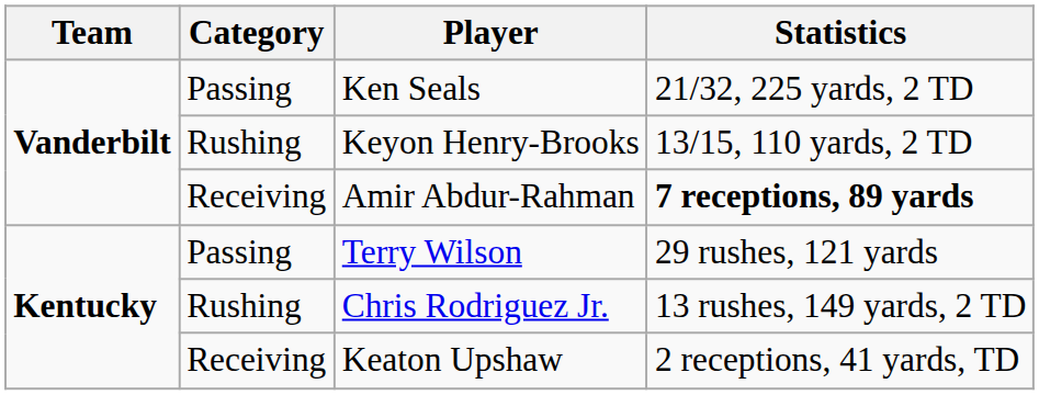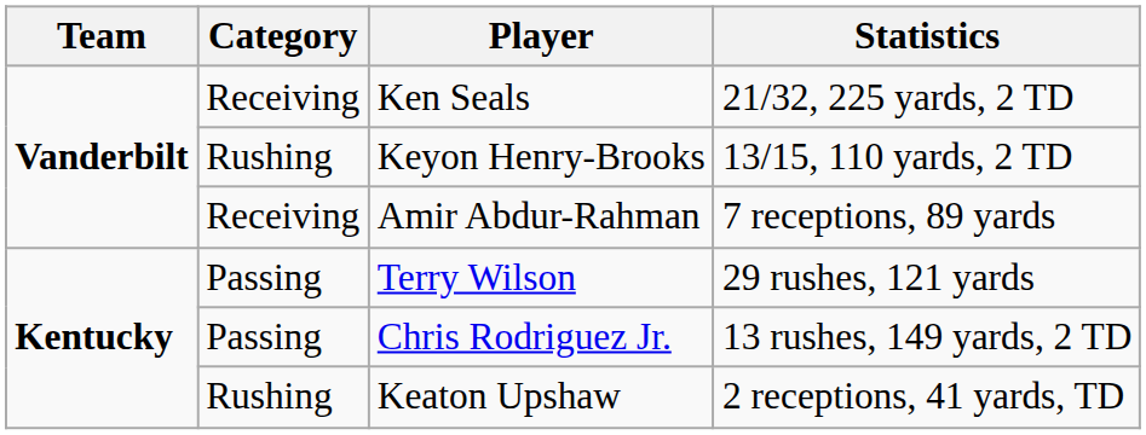 <table class="wikitable" style="float: left;">
 <tr>
 <th>Team</th>
 <th>Category</th>
 <th>Player</th>
 <th>Statistics</th>
 </tr>
 <tr>
 <td rowspan=3><strong>Vanderbilt</strong></td>
-<td>Passing</td>
+<td>Receiving</td>
 <td>Ken Seals</td>
 <td>21/32, 225 yards, 2 TD</td>
 </tr>
 <tr>
 <td>Rushing</td>
 <td>Keyon Henry-Brooks</td>
 <td>13/15, 110 yards, 2 TD</td>
 </tr>
 <tr>
 <td>Receiving</td>
 <td>Amir Abdur-Rahman</td>
-<td><strong>7 receptions, 89 yards</strong></td>
+<td>7 receptions, 89 yards</td>
 </tr>
 <tr>
 <td rowspan=3><strong>Kentucky</strong></td>
 <td>Passing</td>
 <td><a href='#'>Terry Wilson</a></td>
 <td>29 rushes, 121 yards</td>
 </tr>
 <tr>
-<td>Rushing</td>
+<td>Passing</td>
 <td><a href='#'>Chris Rodriguez Jr.</a></td>
 <td>13 rushes, 149 yards, 2 TD</td>
 </tr>
 <tr>
-<td>Receiving</td>
+<td>Rushing</td>
 <td>Keaton Upshaw</td>
 <td>2 receptions, 41 yards, TD</td>
 </tr>
 </table>
